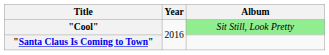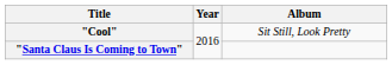 <table class="wikitable plainrowheaders" style="text-align:center;">
 <tr>
 <th scope="col" style="width:16em;">Title</th>
 <th scope="col">Year</th>
 <th scope="col" style="width:14em;">Album</th>
 </tr>
 <tr>
 <th scope="row">"Cool"</th>
 <td rowspan="2">2016</td>
-<td style="background: lightgreen;"><em>Sit Still, Look Pretty</em></td>
+<td><em>Sit Still, Look Pretty</em></td>
 </tr>
 <tr>
 <th scope="row">"<a href='#'>Santa Claus Is Coming to Town</a>"<br></th>
 <td></td>
 </tr>
 </table>
